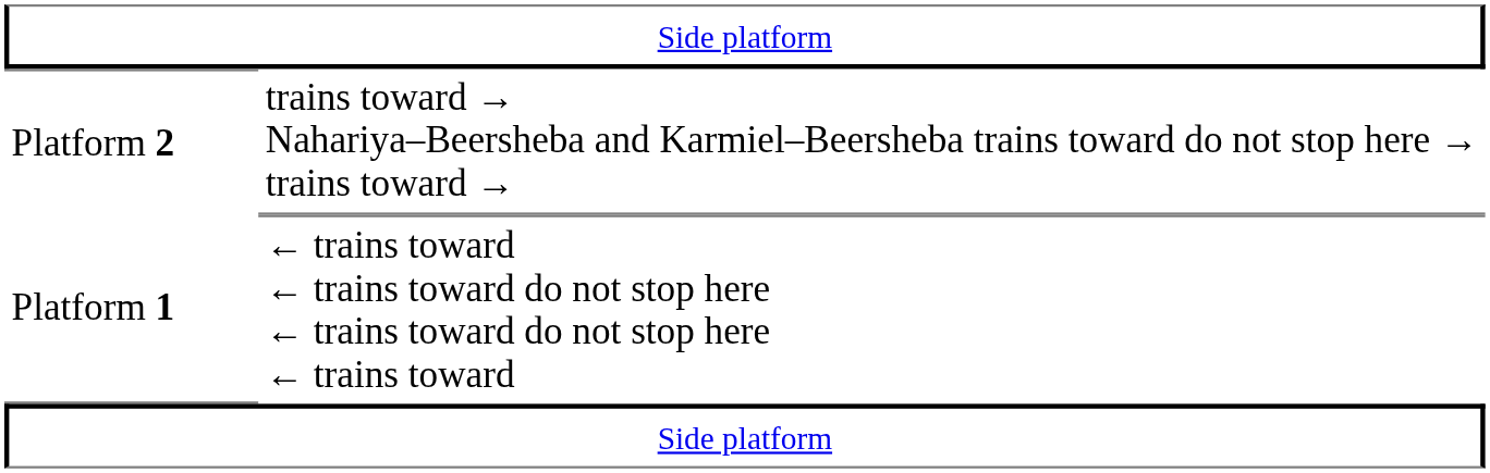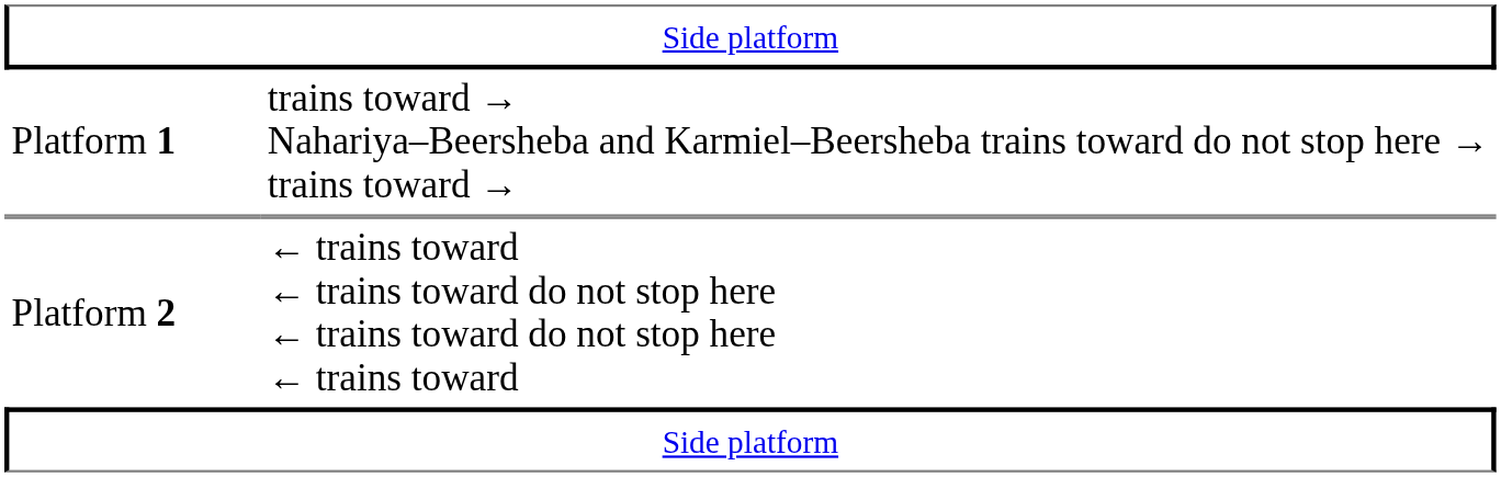 <table table border=0 cellspacing=0 cellpadding=3>
 <tr>
 <td style="border-top:solid 1px gray;border-right:solid 2px black;border-left:solid 2px black;border-bottom:solid 2px black;text-align:center;" colspan=2><small><a href='#'>Side platform</a></small></td>
 </tr>
 <tr>
-<td style="border-top:solid 1px gray;">Platform <strong>2</strong></td>
+<td style="border-bottom:solid 1px gray;" width=100>Platform <strong>1</strong></td>
 <td style="border-bottom:solid 1px gray;">  trains toward   →<br>   Nahariya–Beersheba and Karmiel–Beersheba trains toward  do not stop here →<br>  trains toward   →</td>
 </tr>
 <tr>
-<td style="border-bottom:solid 1px gray;" width=100>Platform <strong>1</strong></td>
+<td style="border-top:solid 1px gray;">Platform <strong>2</strong></td>
 <td style="border-top:solid 1px gray;">←  trains toward   <br>←  trains toward  do not stop here <br>←  trains toward  do not stop here <br>←  trains toward  </td>
 </tr>
 <tr>
 <td style="border-top:solid 2px black;border-right:solid 2px black;border-left:solid 2px black;border-bottom:solid 1px gray;text-align:center;" colspan=2><small><a href='#'>Side platform</a></small></td>
 </tr>
 </table>
